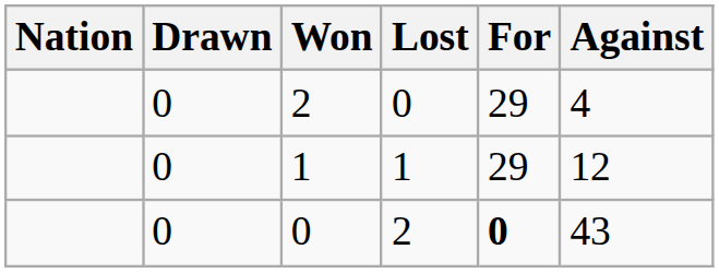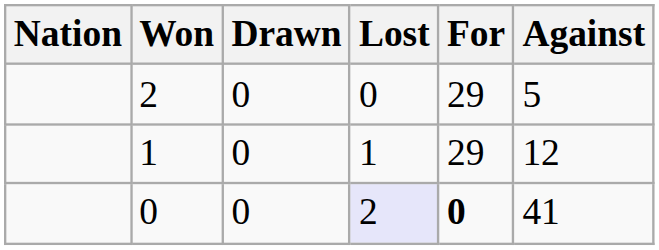 <table class="wikitable">
 <tr>
 <th>Nation</th>
+<th>Won</th>
 <th>Drawn</th>
-<th>Won</th>
 <th>Lost</th>
 <th>For</th>
 <th>Against</th>
 </tr>
 <tr>
 <td></td>
-<td>0</td>
 <td>2</td>
 <td>0</td>
+<td>0</td>
 <td>29</td>
-<td>4</td>
+<td>5</td>
 </tr>
 <tr>
 <td></td>
+<td>1</td>
 <td>0</td>
-<td>1</td>
 <td>1</td>
 <td>29</td>
 <td>12</td>
 </tr>
 <tr>
 <td></td>
 <td>0</td>
 <td>0</td>
-<td>2</td>
+<td style="background: lavender;">2</td>
 <td><strong>0</strong></td>
-<td>43</td>
+<td>41</td>
 </tr>
 </table>
